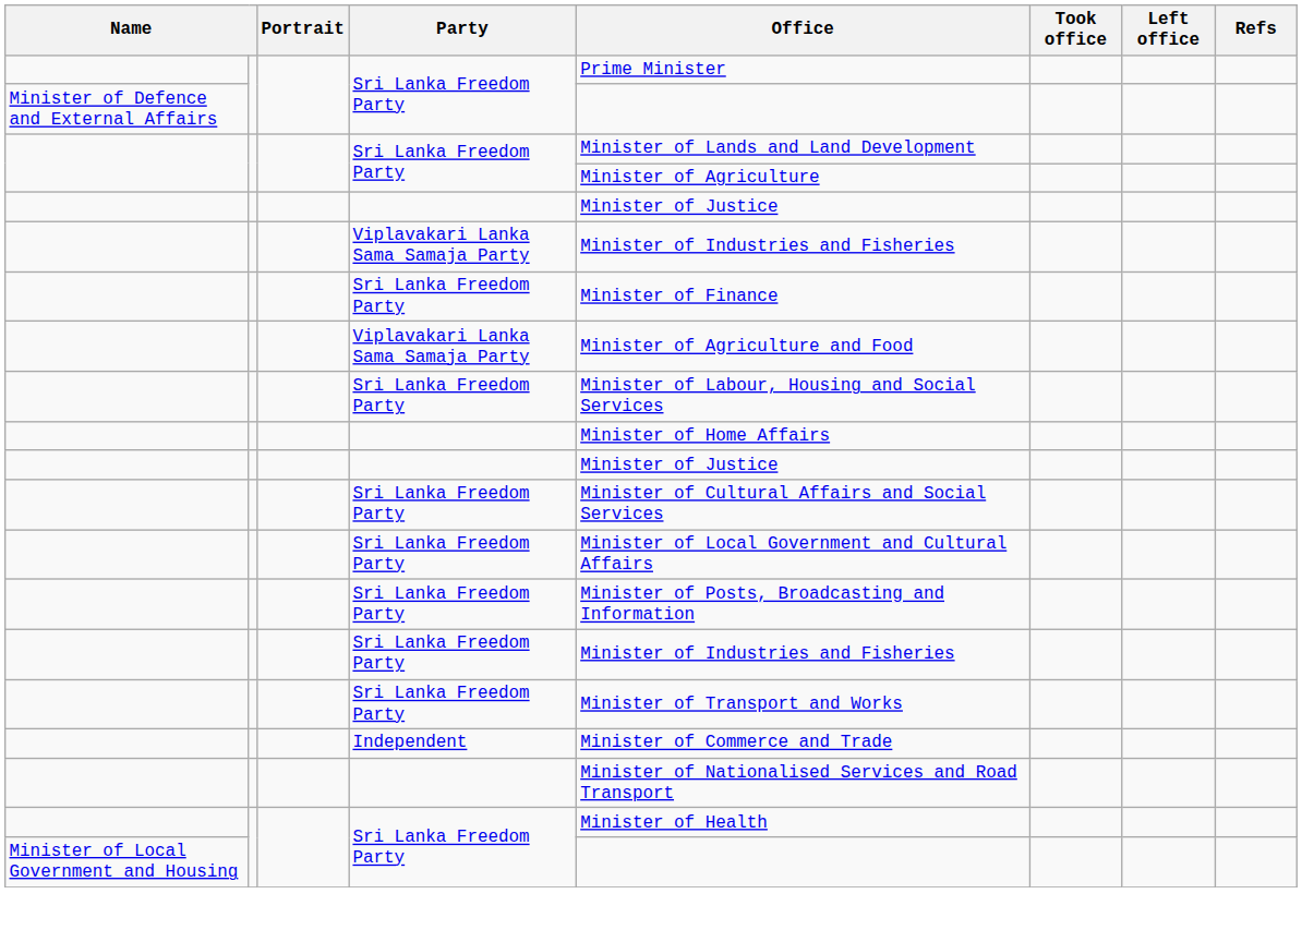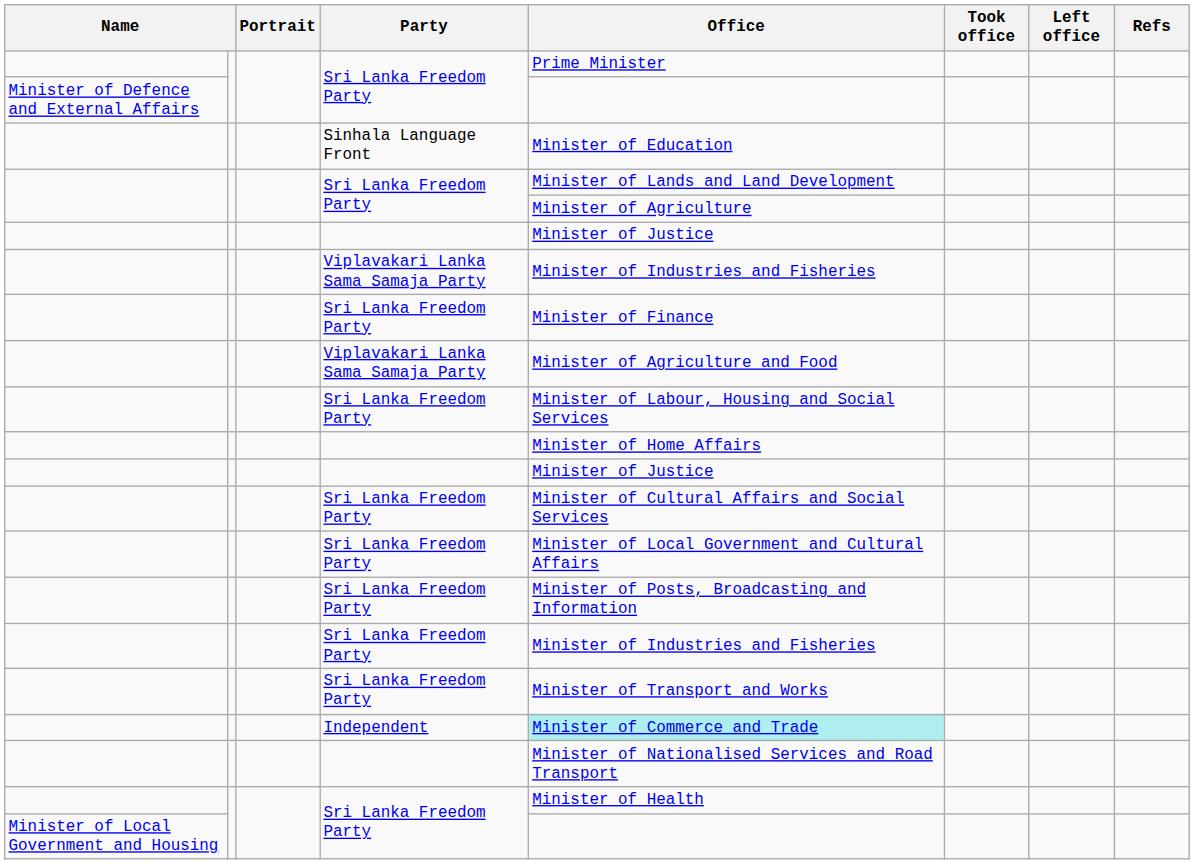 <table class="wikitable plainrowheaders sortable" style="font-size:90%; text-align:left;">
 <tr>
 <th scope=col colspan="2">Name</th>
 <th scope=col class=unsortable>Portrait</th>
 <th scope=col>Party</th>
 <th scope=col width=300px>Office</th>
 <th scope=col>Took office</th>
 <th scope=col>Left office</th>
 <th scope=col width=50px class=unsortable>Refs</th>
 </tr>
 <tr>
 <td !align="center" style="background:"></td>
 <td rowspan=2></td>
 <td align=center rowspan=2></td>
 <td rowspan=2><a href='#'>Sri Lanka Freedom Party</a></td>
 <td><a href='#'>Prime Minister</a></td>
 <td align=center></td>
 <td align=center></td>
 <td align=center></td>
 </tr>
 <tr>
 <td><a href='#'>Minister of Defence and External Affairs</a></td>
+<td align=center></td>
+<td align=center></td>
+<td align=center></td>
+</tr>
+<tr>
+<td !align="center" style="background:"></td>
+<td></td>
+<td align=center></td>
+<td>Sinhala Language Front</td>
+<td><a href='#'>Minister of Education</a></td>
 <td align=center></td>
 <td align=center></td>
 <td align=center></td>
 </tr>
 <tr>
 <td rowspan=2 !align="center" style="background:"></td>
 <td rowspan=2></td>
 <td align=center rowspan=2></td>
 <td rowspan=2><a href='#'>Sri Lanka Freedom Party</a></td>
 <td><a href='#'>Minister of Lands and Land Development</a></td>
 <td align=center></td>
 <td align=center></td>
 <td align=center></td>
 </tr>
 <tr>
 <td><a href='#'>Minister of Agriculture</a></td>
 <td align=center></td>
 <td align=center></td>
 <td align=center></td>
 </tr>
 <tr>
 <td></td>
 <td></td>
 <td align=center></td>
 <td></td>
 <td><a href='#'>Minister of Justice</a></td>
 <td></td>
 <td align=center></td>
 <td align=center></td>
 </tr>
 <tr>
 <td !align="center" style="background:"></td>
 <td></td>
 <td align=center></td>
 <td><a href='#'>Viplavakari Lanka Sama Samaja Party</a></td>
 <td><a href='#'>Minister of Industries and Fisheries</a></td>
 <td></td>
 <td align=center></td>
 <td align=center></td>
 </tr>
 <tr>
 <td !align="center" style="background:"></td>
 <td></td>
 <td align=center></td>
 <td><a href='#'>Sri Lanka Freedom Party</a></td>
 <td><a href='#'>Minister of Finance</a></td>
 <td align=center></td>
 <td align=center></td>
 <td align=center></td>
 </tr>
 <tr>
 <td !align="center" style="background:"></td>
 <td></td>
 <td align=center></td>
 <td><a href='#'>Viplavakari Lanka Sama Samaja Party</a></td>
 <td><a href='#'>Minister of Agriculture and Food</a></td>
 <td align=center></td>
 <td align=center></td>
 <td align=center></td>
 </tr>
 <tr>
 <td !align="center" style="background:"></td>
 <td></td>
 <td align=center></td>
 <td><a href='#'>Sri Lanka Freedom Party</a></td>
 <td><a href='#'>Minister of Labour, Housing and Social Services</a></td>
 <td align=center></td>
 <td align=center></td>
 <td align=center></td>
 </tr>
 <tr>
 <td></td>
 <td></td>
 <td align=center></td>
 <td></td>
 <td><a href='#'>Minister of Home Affairs</a></td>
 <td align=center></td>
 <td align=center></td>
 <td align=center></td>
 </tr>
 <tr>
 <td></td>
 <td></td>
 <td align=center></td>
 <td></td>
 <td><a href='#'>Minister of Justice</a></td>
 <td align=center></td>
 <td align=center></td>
 <td align=center></td>
 </tr>
 <tr>
 <td !align="center" style="background:"></td>
 <td></td>
 <td align=center></td>
 <td><a href='#'>Sri Lanka Freedom Party</a></td>
 <td><a href='#'>Minister of Cultural Affairs and Social Services</a></td>
 <td align=center></td>
 <td align=center></td>
 <td align=center></td>
 </tr>
 <tr>
 <td !align="center" style="background:"></td>
 <td></td>
 <td align=center></td>
 <td><a href='#'>Sri Lanka Freedom Party</a></td>
 <td><a href='#'>Minister of Local Government and Cultural Affairs</a></td>
 <td align=center></td>
 <td align=center></td>
 <td align=center></td>
 </tr>
 <tr>
 <td !align="center" style="background:"></td>
 <td></td>
 <td align=center></td>
 <td><a href='#'>Sri Lanka Freedom Party</a></td>
 <td><a href='#'>Minister of Posts, Broadcasting and Information</a></td>
 <td align=center></td>
 <td align=center></td>
 <td align=center></td>
 </tr>
 <tr>
 <td !align="center" style="background:"></td>
 <td></td>
 <td align=center></td>
 <td><a href='#'>Sri Lanka Freedom Party</a></td>
 <td><a href='#'>Minister of Industries and Fisheries</a></td>
 <td align=center></td>
 <td align=center></td>
 <td align=center></td>
 </tr>
 <tr>
 <td !align="center" style="background:"></td>
 <td></td>
 <td align=center></td>
 <td><a href='#'>Sri Lanka Freedom Party</a></td>
 <td><a href='#'>Minister of Transport and Works</a></td>
 <td align=center></td>
 <td align=center></td>
 <td align=center></td>
 </tr>
 <tr>
 <td !align="center" style="background:"></td>
 <td></td>
 <td align=center></td>
 <td><a href='#'>Independent</a></td>
-<td><a href='#'>Minister of Commerce and Trade</a></td>
+<td style="background: paleturquoise;"><a href='#'>Minister of Commerce and Trade</a></td>
 <td align=center></td>
 <td align=center></td>
 <td align=center></td>
 </tr>
 <tr>
 <td></td>
 <td></td>
 <td align=center></td>
 <td></td>
 <td><a href='#'>Minister of Nationalised Services and Road Transport</a></td>
 <td align=center></td>
 <td align=center></td>
 <td align=center></td>
 </tr>
 <tr>
 <td !align="center" style="background:"></td>
 <td rowspan=2></td>
 <td align=center rowspan=2></td>
 <td rowspan=2><a href='#'>Sri Lanka Freedom Party</a></td>
 <td><a href='#'>Minister of Health</a></td>
 <td align=center></td>
 <td align=center></td>
 <td align=center></td>
 </tr>
 <tr>
 <td><a href='#'>Minister of Local Government and Housing</a></td>
 <td align=center></td>
 <td align=center></td>
 <td align=center></td>
 </tr>
 </table>
